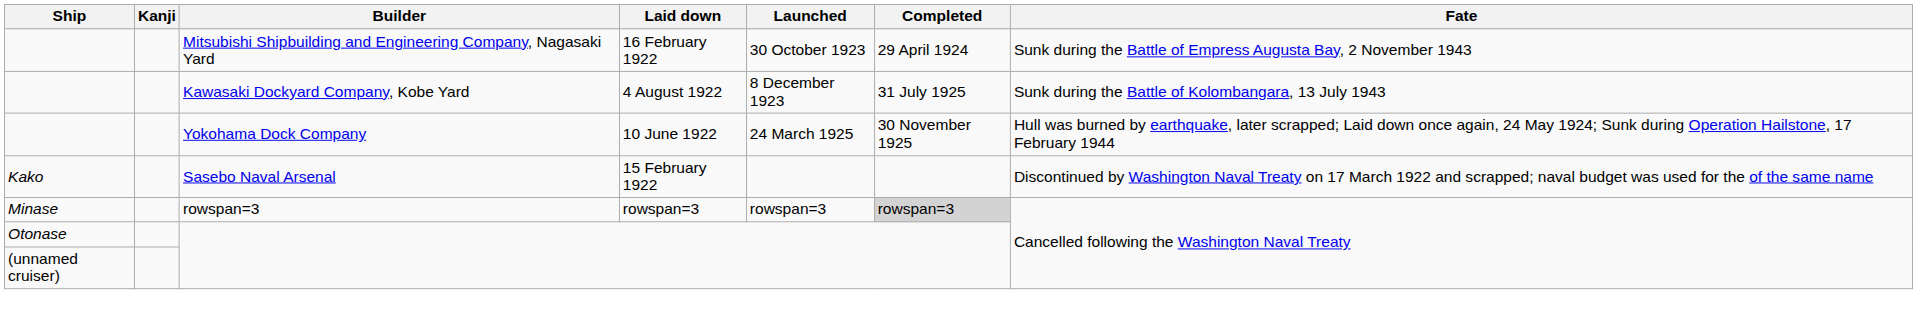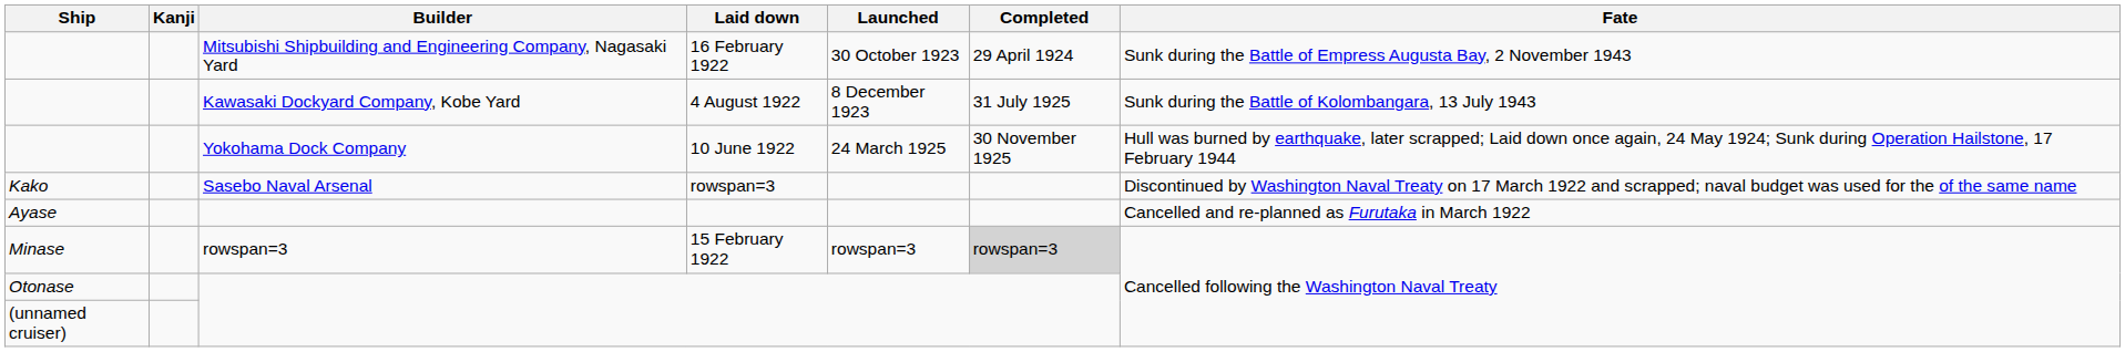 <table class="wikitable plainrowheaders">
 <tr>
 <th scope="col">Ship</th>
 <th scope="col">Kanji</th>
 <th scope="col">Builder</th>
 <th scope="col">Laid down</th>
 <th scope="col">Launched</th>
 <th scope="col">Completed</th>
 <th scope="col">Fate</th>
 </tr>
 <tr>
 <td></td>
 <td></td>
 <td><a href='#'>Mitsubishi Shipbuilding and Engineering Company</a>, Nagasaki Yard</td>
 <td>16 February 1922</td>
 <td>30 October 1923</td>
 <td>29 April 1924</td>
 <td>Sunk during the <a href='#'>Battle of Empress Augusta Bay</a>, 2 November 1943</td>
 </tr>
 <tr>
 <td></td>
 <td></td>
 <td><a href='#'>Kawasaki Dockyard Company</a>, Kobe Yard</td>
 <td>4 August 1922</td>
 <td>8 December 1923</td>
 <td>31 July 1925</td>
 <td>Sunk during the <a href='#'>Battle of Kolombangara</a>, 13 July 1943</td>
 </tr>
 <tr>
 <td></td>
 <td></td>
 <td><a href='#'>Yokohama Dock Company</a></td>
 <td>10 June 1922</td>
 <td>24 March 1925</td>
 <td>30 November 1925</td>
 <td>Hull was burned by <a href='#'>earthquake</a>, later scrapped; Laid down once again, 24 May 1924; Sunk during <a href='#'>Operation Hailstone</a>, 17 February 1944</td>
 </tr>
 <tr>
 <td><em>Kako</em></td>
 <td></td>
 <td><a href='#'>Sasebo Naval Arsenal</a></td>
-<td>15 February 1922</td>
+<td>rowspan=3 </td>
 <td></td>
 <td></td>
 <td>Discontinued by <a href='#'>Washington Naval Treaty</a> on 17 March 1922 and scrapped; naval budget was used for the  <a href='#'>of the same name</a></td>
 </tr>
 <tr>
+<td><em>Ayase</em></td>
+<td></td>
+<td></td>
+<td></td>
+<td></td>
+<td></td>
+<td>Cancelled and re-planned as <a href='#'><em>Furutaka</em></a> in March 1922</td>
+</tr>
+<tr>
 <td><em>Minase</em></td>
 <td></td>
 <td>rowspan=3 </td>
-<td>rowspan=3 </td>
+<td>15 February 1922</td>
 <td>rowspan=3 </td>
 <td style="background: lightgrey;">rowspan=3 </td>
 <td rowspan=3>Cancelled following the <a href='#'>Washington Naval Treaty</a></td>
 </tr>
 <tr>
 <td><em>Otonase</em></td>
 <td></td>
 </tr>
 <tr>
 <td>(unnamed cruiser)</td>
 <td></td>
 </tr>
 </table>
